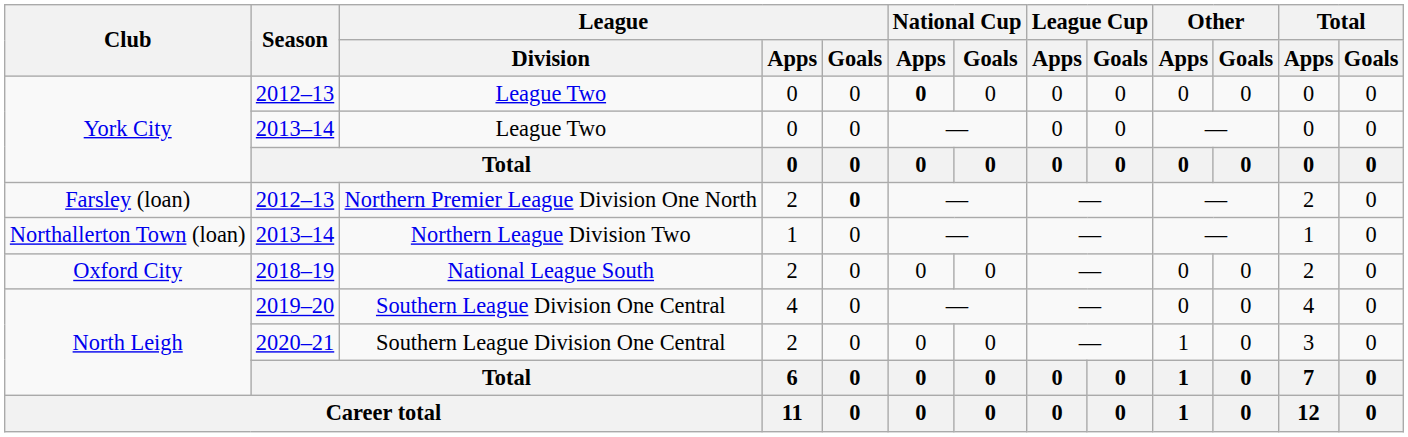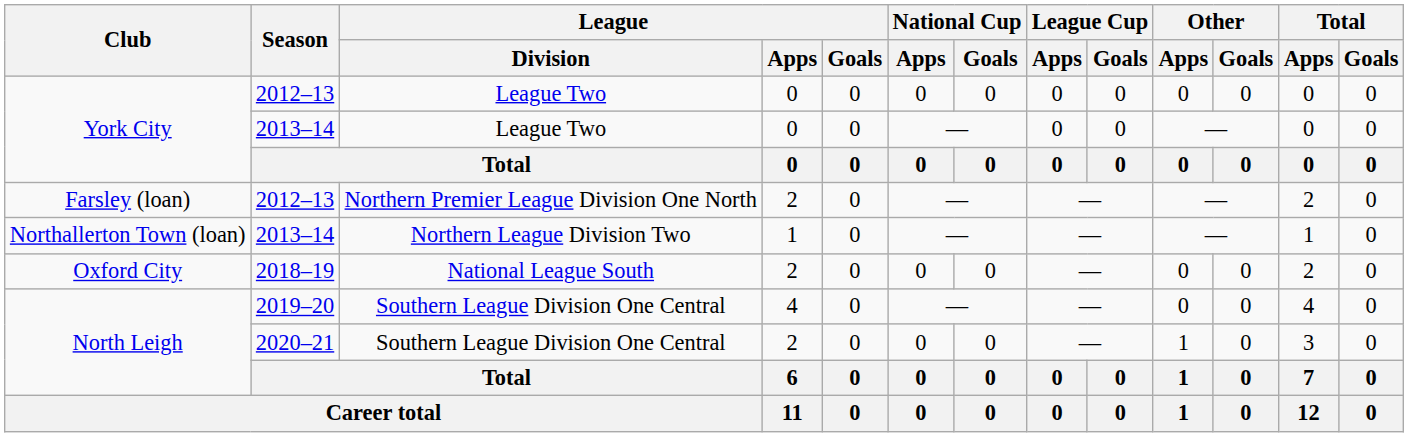 <table class=wikitable style=text-align:center>
 <tr>
 <th rowspan=2>Club</th>
 <th rowspan=2>Season</th>
 <th colspan=3>League</th>
 <th colspan=2>National Cup</th>
 <th colspan=2>League Cup</th>
 <th colspan=2>Other</th>
 <th colspan=2>Total</th>
 </tr>
 <tr>
 <th>Division</th>
 <th>Apps</th>
 <th>Goals</th>
 <th>Apps</th>
 <th>Goals</th>
 <th>Apps</th>
 <th>Goals</th>
 <th>Apps</th>
 <th>Goals</th>
 <th>Apps</th>
 <th>Goals</th>
 </tr>
 <tr>
 <td rowspan=3><a href='#'>York City</a></td>
 <td><a href='#'>2012–13</a></td>
 <td><a href='#'>League Two</a></td>
 <td>0</td>
 <td>0</td>
-<td><strong>0</strong></td>
+<td>0</td>
 <td>0</td>
 <td>0</td>
 <td>0</td>
 <td>0</td>
 <td>0</td>
 <td>0</td>
 <td>0</td>
 </tr>
 <tr>
 <td><a href='#'>2013–14</a></td>
 <td>League Two</td>
 <td>0</td>
 <td>0</td>
 <td colspan=2>—</td>
 <td>0</td>
 <td>0</td>
 <td colspan=2>—</td>
 <td>0</td>
 <td>0</td>
 </tr>
 <tr>
 <th colspan=2>Total</th>
 <th>0</th>
 <th>0</th>
 <th>0</th>
 <th>0</th>
 <th>0</th>
 <th>0</th>
 <th>0</th>
 <th>0</th>
 <th>0</th>
 <th>0</th>
 </tr>
 <tr>
 <td><a href='#'>Farsley</a> (loan)</td>
 <td><a href='#'>2012–13</a></td>
 <td><a href='#'>Northern Premier League</a> Division One North</td>
 <td>2</td>
-<td><strong>0</strong></td>
+<td>0</td>
 <td colspan=2>—</td>
 <td colspan=2>—</td>
 <td colspan=2>—</td>
 <td>2</td>
 <td>0</td>
 </tr>
 <tr>
 <td><a href='#'>Northallerton Town</a> (loan)</td>
 <td><a href='#'>2013–14</a></td>
 <td><a href='#'>Northern League</a> Division Two</td>
 <td>1</td>
 <td>0</td>
 <td colspan=2>—</td>
 <td colspan=2>—</td>
 <td colspan=2>—</td>
 <td>1</td>
 <td>0</td>
 </tr>
 <tr>
 <td><a href='#'>Oxford City</a></td>
 <td><a href='#'>2018–19</a></td>
 <td><a href='#'>National League South</a></td>
 <td>2</td>
 <td>0</td>
 <td>0</td>
 <td>0</td>
 <td colspan=2>—</td>
 <td>0</td>
 <td>0</td>
 <td>2</td>
 <td>0</td>
 </tr>
 <tr>
 <td rowspan="3"><a href='#'>North Leigh</a></td>
 <td><a href='#'>2019–20</a></td>
 <td><a href='#'>Southern League</a> Division One Central</td>
 <td>4</td>
 <td>0</td>
 <td colspan=2>—</td>
 <td colspan=2>—</td>
 <td>0</td>
 <td>0</td>
 <td>4</td>
 <td>0</td>
 </tr>
 <tr>
 <td><a href='#'>2020–21</a></td>
 <td>Southern League Division One Central</td>
 <td>2</td>
 <td>0</td>
 <td>0</td>
 <td>0</td>
 <td colspan=2>—</td>
 <td>1</td>
 <td>0</td>
 <td>3</td>
 <td>0</td>
 </tr>
 <tr>
 <th colspan=2>Total</th>
 <th>6</th>
 <th>0</th>
 <th>0</th>
 <th>0</th>
 <th>0</th>
 <th>0</th>
 <th>1</th>
 <th>0</th>
 <th>7</th>
 <th>0</th>
 </tr>
 <tr>
 <th colspan=3>Career total</th>
 <th>11</th>
 <th>0</th>
 <th>0</th>
 <th>0</th>
 <th>0</th>
 <th>0</th>
 <th>1</th>
 <th>0</th>
 <th>12</th>
 <th>0</th>
 </tr>
 </table>
